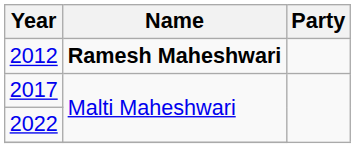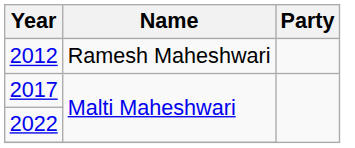 <table class="wikitable sortable">
 <tr>
 <th>Year</th>
 <th>Name</th>
 <th colspan=3>Party</th>
 </tr>
 <tr>
 <td><a href='#'>2012</a></td>
-<td><strong>Ramesh Maheshwari</strong></td>
+<td>Ramesh Maheshwari</td>
 <td></td>
 </tr>
 <tr>
 <td><a href='#'>2017</a></td>
 <td rowspan="2"><a href='#'>Malti Maheshwari</a></td>
 </tr>
 <tr>
 <td><a href='#'>2022</a></td>
 </tr>
 <tr>
 </tr>
 </table>
